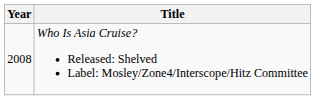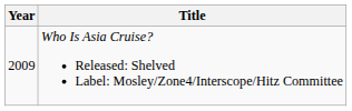 <table class="wikitable">
 <tr>
 <th align=center>Year</th>
 <th align=center>Title</th>
 </tr>
 <tr>
-<td align=center>2008</td>
+<td align=center>2009</td>
 <td align=left><em>Who Is Asia Cruise?</em><br><ul><li>Released: Shelved</li><li>Label: Mosley/Zone4/Interscope/Hitz Committee</li></ul></td>
 </tr>
 </table>
